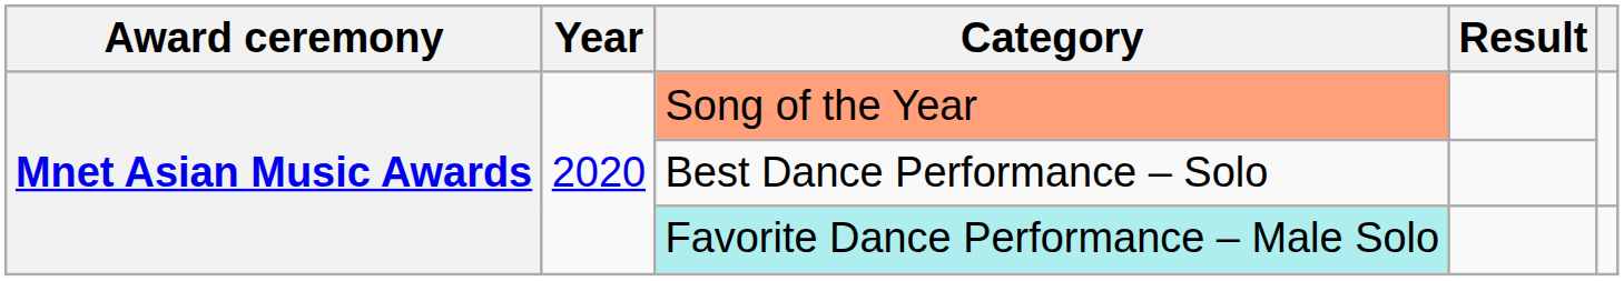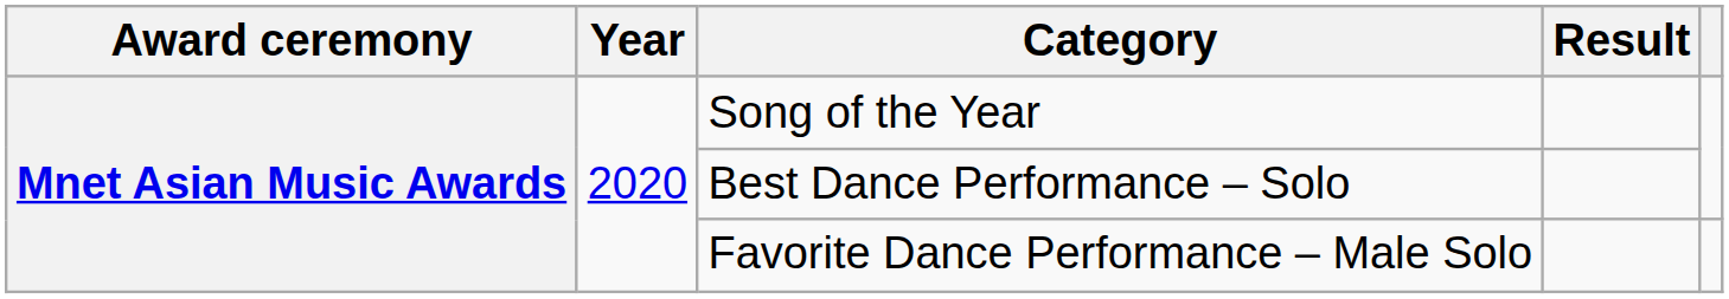 <table class="wikitable sortable plainrowheaders">
 <tr>
 <th scope="col">Award ceremony</th>
 <th scope="col">Year</th>
 <th scope="col">Category</th>
 <th scope="col">Result</th>
 <th scope="col" class="unsortable"></th>
 </tr>
 <tr>
 <th scope="row" rowspan="3"><a href='#'>Mnet Asian Music Awards</a></th>
 <td style="text-align:center" rowspan="3"><a href='#'>2020</a></td>
-<td style="background: lightsalmon;">Song of the Year</td>
+<td>Song of the Year</td>
 <td></td>
 <td style="text-align:center" rowspan="2"></td>
 </tr>
 <tr>
 <td>Best Dance Performance – Solo</td>
 <td></td>
 </tr>
 <tr>
-<td style="background: paleturquoise;">Favorite Dance Performance – Male Solo</td>
+<td>Favorite Dance Performance – Male Solo</td>
 <td></td>
 <td style="text-align:center"></td>
 </tr>
 </table>
